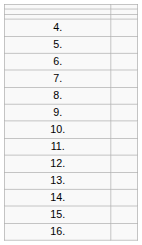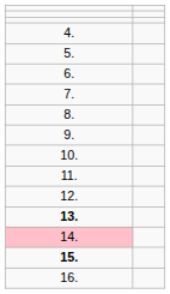 <table class="wikitable" width="200px">
 <tr>
 <td align=center></td>
 <td></td>
 </tr>
 <tr>
 <td align=center></td>
 <td></td>
 </tr>
 <tr>
 <td align=center></td>
 <td></td>
 </tr>
 <tr>
 <td align=center>4.</td>
 <td align=left></td>
 </tr>
 <tr>
 <td align=center>5.</td>
 <td align=left></td>
 </tr>
 <tr>
 <td align=center>6.</td>
 <td align=left></td>
 </tr>
 <tr>
 <td align=center>7.</td>
 <td align=left></td>
 </tr>
 <tr>
 <td align=center>8.</td>
 <td align=left></td>
 </tr>
 <tr>
 <td align=center>9.</td>
 <td align=left></td>
 </tr>
 <tr>
 <td align=center>10.</td>
 <td align=left></td>
 </tr>
 <tr>
 <td align=center>11.</td>
 <td align=left></td>
 </tr>
 <tr>
 <td align=center>12.</td>
 <td align=left></td>
 </tr>
 <tr>
-<td align=center>13.</td>
+<td align=center><strong>13.</strong></td>
 <td align=left></td>
 </tr>
 <tr>
-<td align=center>14.</td>
+<td align=center style="background: pink;">14.</td>
 <td align=left></td>
 </tr>
 <tr>
-<td align=center>15.</td>
+<td align=center><strong>15.</strong></td>
 <td align=left></td>
 </tr>
 <tr>
 <td align=center>16.</td>
 <td align=left></td>
 </tr>
 </table>
